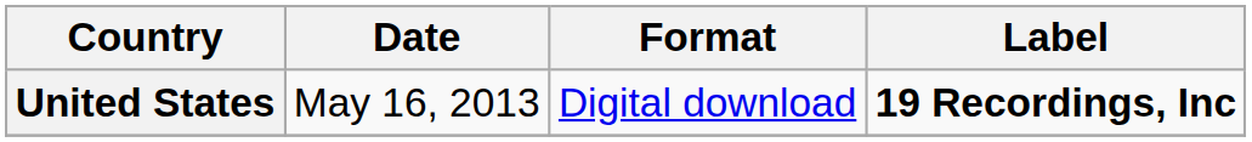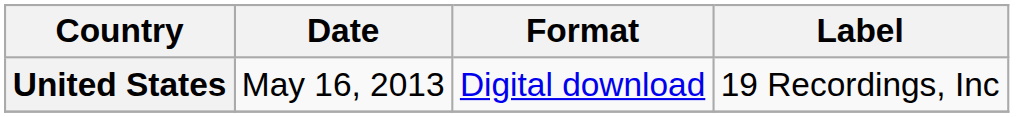 <table class="wikitable plainrowheaders">
 <tr>
 <th scope="col">Country</th>
 <th scope="col">Date</th>
 <th scope="col">Format</th>
 <th scope="col">Label</th>
 </tr>
 <tr>
 <th scope="row">United States</th>
 <td>May 16, 2013</td>
 <td><a href='#'>Digital download</a></td>
-<td><strong>19 Recordings, Inc</strong></td>
+<td>19 Recordings, Inc</td>
 </tr>
 <tr>
 </tr>
 </table>
